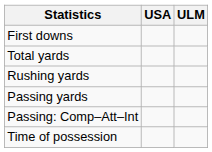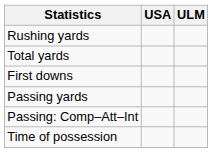 <table class="wikitable" style="float: left;">
 <tr>
 <th>Statistics</th>
 <th>USA</th>
 <th>ULM</th>
 </tr>
 <tr>
-<td>First downs</td>
+<td>Rushing yards</td>
 <td></td>
 <td></td>
 </tr>
 <tr>
 <td>Total yards</td>
 <td></td>
 <td></td>
 </tr>
 <tr>
-<td>Rushing yards</td>
+<td>First downs</td>
 <td></td>
 <td></td>
 </tr>
 <tr>
 <td>Passing yards</td>
 <td></td>
 <td></td>
 </tr>
 <tr>
 <td>Passing: Comp–Att–Int</td>
 <td></td>
 <td></td>
 </tr>
 <tr>
 <td>Time of possession</td>
 <td></td>
 <td></td>
 </tr>
 </table>
